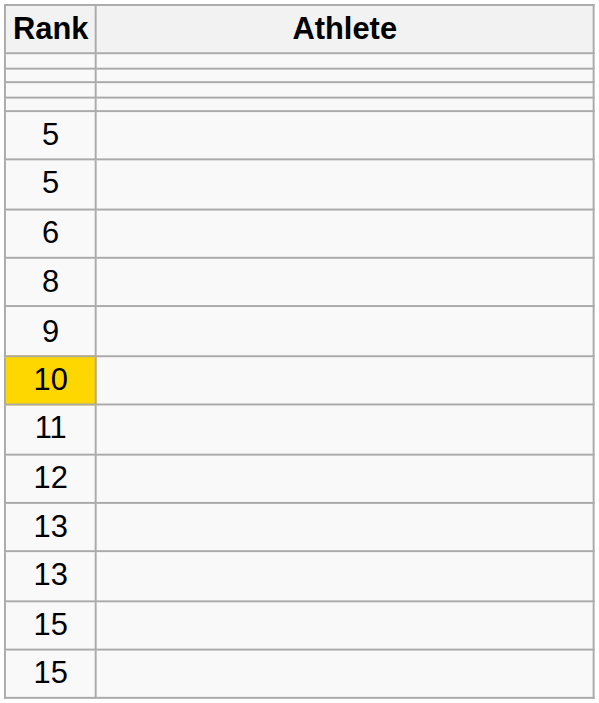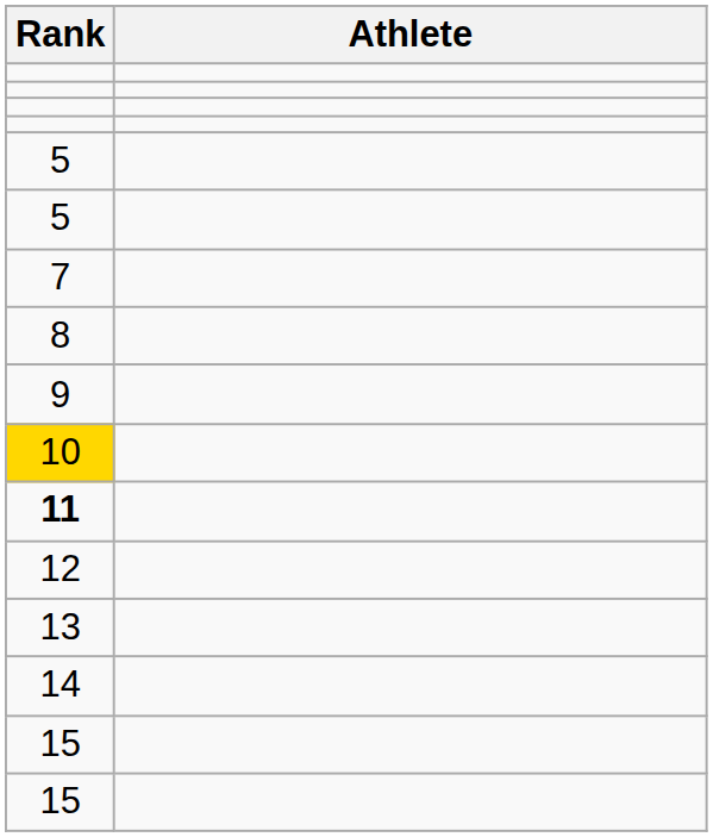 <table class="wikitable" style="text-align: center;">
 <tr>
 <th width=40>Rank</th>
 <th width=250>Athlete</th>
 </tr>
 <tr>
 <td></td>
 <td align="left"></td>
 </tr>
 <tr>
 <td></td>
 <td align="left"></td>
 </tr>
 <tr>
 <td></td>
 <td align="left"></td>
 </tr>
 <tr>
 <td></td>
 <td align="left"></td>
 </tr>
 <tr>
 <td>5</td>
 <td align="left"></td>
 </tr>
 <tr>
 <td>5</td>
 <td align="left"></td>
 </tr>
 <tr>
-<td>6</td>
+<td>7</td>
 <td align="left"></td>
 </tr>
 <tr>
 <td>8</td>
 <td align="left"></td>
 </tr>
 <tr>
 <td>9</td>
 <td align="left"></td>
 </tr>
 <tr>
 <td style="background: gold;">10</td>
 <td align="left"></td>
 </tr>
 <tr>
-<td>11</td>
+<td><strong>11</strong></td>
 <td align="left"></td>
 </tr>
 <tr>
 <td>12</td>
 <td align="left"></td>
 </tr>
 <tr>
 <td>13</td>
 <td align="left"></td>
 </tr>
 <tr>
-<td>13</td>
+<td>14</td>
 <td align="left"></td>
 </tr>
 <tr>
 <td>15</td>
 <td align="left"></td>
 </tr>
 <tr>
 <td>15</td>
 <td align="left"></td>
 </tr>
 </table>
